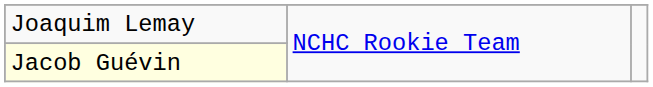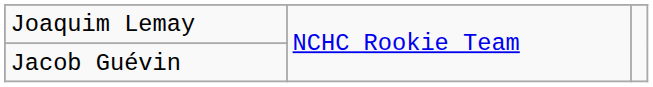 <table class="wikitable" width=40%>
 <tr>
 <td>Joaquim Lemay</td>
 <td rowspan=2><a href='#'>NCHC Rookie Team</a></td>
 <td rowspan=2></td>
 </tr>
 <tr>
-<td style="background: lightyellow;">Jacob Guévin</td>
+<td>Jacob Guévin</td>
 </tr>
 </table>
